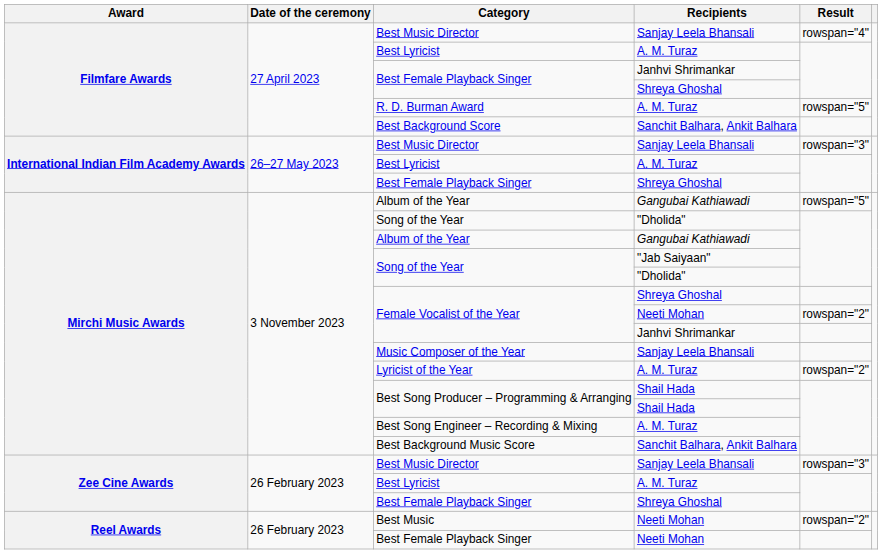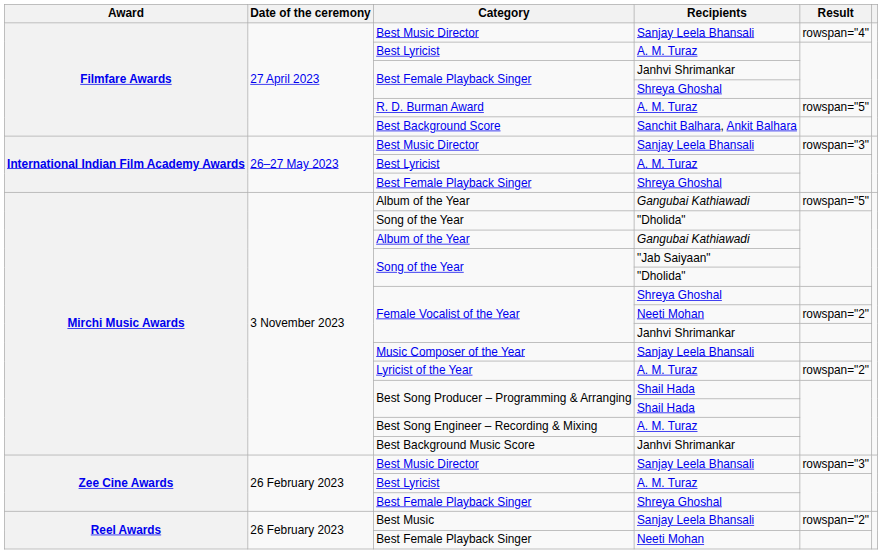 <table class="wikitable plainrowheaders sortable">
 <tr>
 <th scope="col">Award</th>
 <th scope="col">Date of the ceremony</th>
 <th scope="col">Category</th>
 <th scope="col">Recipients</th>
 <th scope="col">Result</th>
 <th scope="col" class="unsortable"></th>
 </tr>
 <tr>
 <th rowspan="6" scope="row"><a href='#'>Filmfare Awards</a></th>
 <td rowspan="6"><a href='#'>27 April 2023</a></td>
 <td><a href='#'>Best Music Director</a></td>
 <td><a href='#'>Sanjay Leela Bhansali</a></td>
 <td>rowspan="4" </td>
 <td rowspan="6" align="center"><br></td>
 </tr>
 <tr>
 <td><a href='#'>Best Lyricist</a></td>
 <td><a href='#'>A. M. Turaz</a> </td>
 </tr>
 <tr>
 <td rowspan="2"><a href='#'>Best Female Playback Singer</a></td>
 <td>Janhvi Shrimankar </td>
 </tr>
 <tr>
 <td><a href='#'>Shreya Ghoshal</a> </td>
 </tr>
 <tr>
 <td><a href='#'>R. D. Burman Award</a></td>
 <td><a href='#'>A. M. Turaz</a> </td>
 <td>rowspan="5" </td>
 </tr>
 <tr>
 <td><a href='#'>Best Background Score</a></td>
 <td><a href='#'>Sanchit Balhara</a>, <a href='#'>Ankit Balhara</a></td>
 </tr>
 <tr>
 <th rowspan="3" scope="row"><a href='#'>International Indian Film Academy Awards</a></th>
 <td rowspan="3"><a href='#'>26–27 May 2023</a></td>
 <td><a href='#'>Best Music Director</a></td>
 <td><a href='#'>Sanjay Leela Bhansali</a></td>
 <td>rowspan="3" </td>
 <td rowspan="3" align="center"><br><br></td>
 </tr>
 <tr>
 <td><a href='#'>Best Lyricist</a></td>
 <td><a href='#'>A. M. Turaz</a> </td>
 </tr>
 <tr>
 <td><a href='#'>Best Female Playback Singer</a></td>
 <td><a href='#'>Shreya Ghoshal</a> </td>
 </tr>
 <tr>
 <th rowspan="14" scope="row"><a href='#'>Mirchi Music Awards</a></th>
 <td rowspan="14">3 November 2023</td>
 <td>Album of the Year </td>
 <td><em>Gangubai Kathiawadi</em></td>
 <td>rowspan="5" </td>
 <td rowspan="14" align="center"><br></td>
 </tr>
 <tr>
 <td>Song of the Year </td>
 <td>"Dholida"</td>
 </tr>
 <tr>
 <td><a href='#'>Album of the Year</a></td>
 <td><em>Gangubai Kathiawadi</em></td>
 </tr>
 <tr>
 <td rowspan="2"><a href='#'>Song of the Year</a></td>
 <td>"Jab Saiyaan"</td>
 </tr>
 <tr>
 <td>"Dholida"</td>
 </tr>
 <tr>
 <td rowspan="3"><a href='#'>Female Vocalist of the Year</a></td>
 <td><a href='#'>Shreya Ghoshal</a> </td>
 <td></td>
 </tr>
 <tr>
 <td><a href='#'>Neeti Mohan</a> </td>
 <td>rowspan="2" </td>
 </tr>
 <tr>
 <td>Janhvi Shrimankar </td>
 </tr>
 <tr>
 <td><a href='#'>Music Composer of the Year</a></td>
 <td><a href='#'>Sanjay Leela Bhansali</a></td>
 <td></td>
 </tr>
 <tr>
 <td><a href='#'>Lyricist of the Year</a></td>
 <td><a href='#'>A. M. Turaz</a> </td>
 <td>rowspan="2" </td>
 </tr>
 <tr>
 <td rowspan="2">Best Song Producer – Programming & Arranging</td>
 <td><a href='#'>Shail Hada</a> </td>
 </tr>
 <tr>
 <td><a href='#'>Shail Hada</a> </td>
 </tr>
 <tr>
 <td>Best Song Engineer – Recording & Mixing</td>
 <td><a href='#'>A. M. Turaz</a> </td>
 </tr>
 <tr>
 <td>Best Background Music Score</td>
-<td><a href='#'>Sanchit Balhara</a>, <a href='#'>Ankit Balhara</a></td>
+<td>Janhvi Shrimankar </td>
 </tr>
 <tr>
 <th rowspan="3" scope="row"><a href='#'>Zee Cine Awards</a></th>
 <td rowspan="3">26 February 2023</td>
 <td><a href='#'>Best Music Director</a></td>
 <td><a href='#'>Sanjay Leela Bhansali</a></td>
 <td>rowspan="3" </td>
 <td rowspan="3" style="text-align: center;"><br><br><br></td>
 </tr>
 <tr>
 <td><a href='#'>Best Lyricist</a></td>
 <td><a href='#'>A. M. Turaz</a> </td>
 </tr>
 <tr>
 <td><a href='#'>Best Female Playback Singer</a></td>
 <td><a href='#'>Shreya Ghoshal</a> </td>
 </tr>
 <tr>
 <th rowspan="2" scope="row"><a href='#'>Reel Awards</a></th>
 <td rowspan="2">26 February 2023</td>
 <td>Best Music</td>
-<td><a href='#'>Neeti Mohan</a> </td>
+<td><a href='#'>Sanjay Leela Bhansali</a></td>
 <td>rowspan="2" </td>
 <td rowspan="2" align="center"><br></td>
 </tr>
 <tr>
 <td>Best Female Playback Singer</td>
 <td><a href='#'>Neeti Mohan</a> </td>
 </tr>
 </table>
